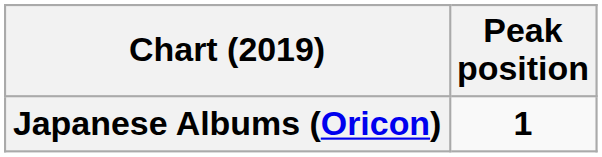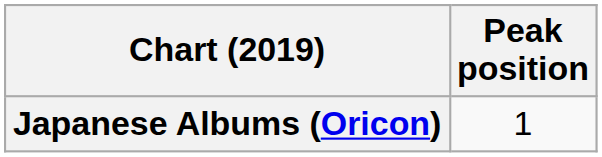 <table class="wikitable plainrowheaders" style="text-align:center;">
 <tr>
 <th>Chart (2019)</th>
 <th>Peak<br>position</th>
 </tr>
 <tr>
 <th scope="row">Japanese Albums (<a href='#'>Oricon</a>)</th>
-<td><strong>1</strong></td>
+<td>1</td>
 </tr>
 </table>
